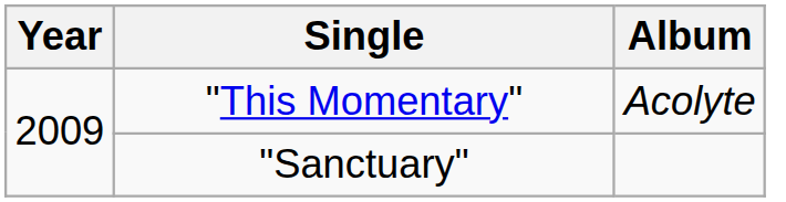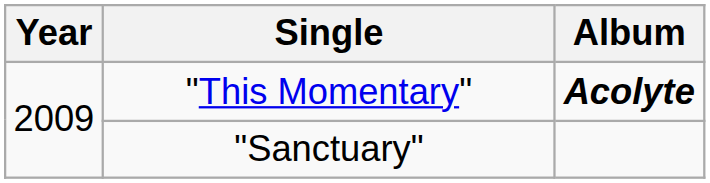 <table class="wikitable" style="text-align:center;">
 <tr>
 <th scope="col">Year</th>
 <th scope="col" style="width:12em;">Single</th>
 <th scope="col">Album</th>
 </tr>
 <tr>
 <td rowspan="2">2009</td>
 <td scope="row">"<a href='#'>This Momentary</a>" </td>
-<td><em>Acolyte</em></td>
+<td><strong><em>Acolyte</em></strong></td>
 </tr>
 <tr>
 <td scope="row">"Sanctuary" </td>
 <td></td>
 </tr>
 </table>
